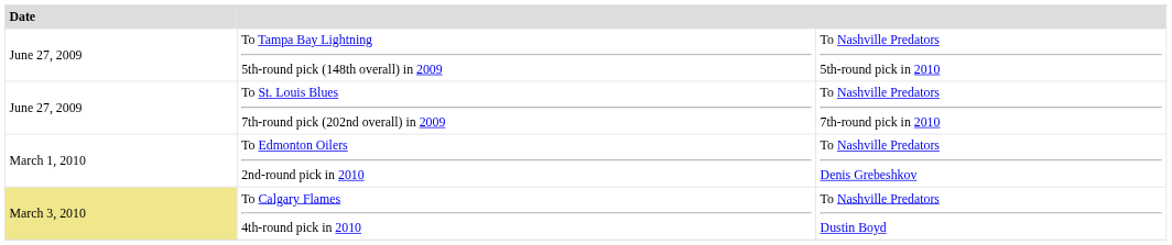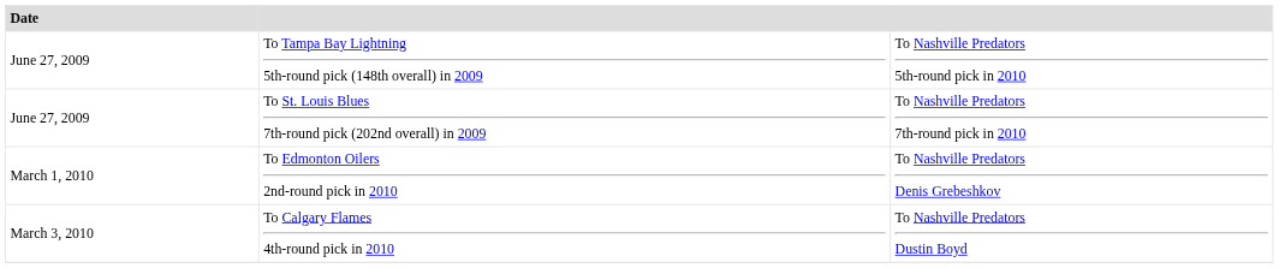 <table border=1 style="border-collapse:collapse" bordercolor="#DFDFDF"  cellpadding="5" width=90%>
 <tr bgcolor="#dddddd">
 <td><strong>Date</strong></td>
 <th colspan="2"></th>
 </tr>
 <tr>
 <td>June 27, 2009</td>
 <td valign="top">To <a href='#'>Tampa Bay Lightning</a> <hr>5th-round pick (148th overall) in <a href='#'>2009</a></td>
 <td valign="top">To <a href='#'>Nashville Predators</a> <hr>5th-round pick in <a href='#'>2010</a></td>
 </tr>
 <tr>
 <td>June 27, 2009</td>
 <td valign="top">To <a href='#'>St. Louis Blues</a> <hr>7th-round pick (202nd overall) in <a href='#'>2009</a></td>
 <td valign="top">To <a href='#'>Nashville Predators</a> <hr>7th-round pick in <a href='#'>2010</a></td>
 </tr>
 <tr>
 <td>March 1, 2010</td>
 <td valign="top">To <a href='#'>Edmonton Oilers</a> <hr>2nd-round pick in <a href='#'>2010</a></td>
 <td valign="top">To <a href='#'>Nashville Predators</a> <hr><a href='#'>Denis Grebeshkov</a></td>
 </tr>
 <tr>
-<td style="background: khaki;">March 3, 2010</td>
+<td>March 3, 2010</td>
 <td valign="top">To <a href='#'>Calgary Flames</a> <hr>4th-round pick in <a href='#'>2010</a></td>
 <td valign="top">To <a href='#'>Nashville Predators</a> <hr><a href='#'>Dustin Boyd</a></td>
 </tr>
 <tr>
 </tr>
 </table>
